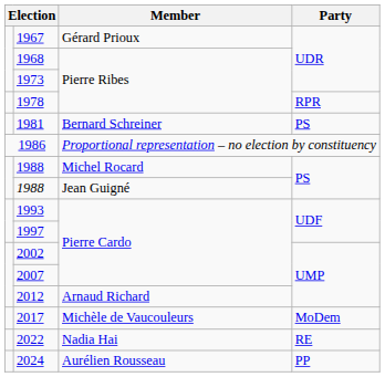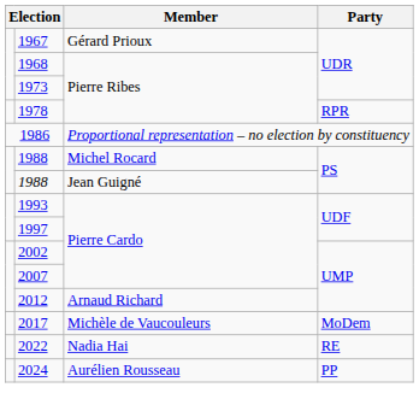 <table class="wikitable">
 <tr>
 <th colspan=2>Election</th>
 <th>Member</th>
 <th>Party</th>
 </tr>
 <tr>
 <td rowspan="3" style="color:inherit;background-color: "></td>
 <td><a href='#'>1967</a></td>
 <td>Gérard Prioux</td>
 <td rowspan="3"><a href='#'>UDR</a></td>
 </tr>
 <tr>
 <td><a href='#'>1968</a></td>
 <td rowspan="3">Pierre Ribes</td>
 </tr>
 <tr>
 <td><a href='#'>1973</a></td>
 </tr>
 <tr>
 <td style="color:inherit;background-color: "></td>
 <td><a href='#'>1978</a></td>
 <td><a href='#'>RPR</a></td>
-</tr>
-<tr>
-<td style="color:inherit;background-color: "></td>
-<td><a href='#'>1981</a></td>
-<td><a href='#'>Bernard Schreiner</a></td>
-<td><a href='#'>PS</a></td>
 </tr>
 <tr>
 <td colspan=2 align="center"><a href='#'>1986</a></td>
 <td colspan=2><em><a href='#'>Proportional representation</a> – no election by constituency</em></td>
 </tr>
 <tr>
 <td rowspan="2" style="color:inherit;background-color: "></td>
 <td><a href='#'>1988</a></td>
 <td><a href='#'>Michel Rocard</a></td>
 <td rowspan="2"><a href='#'>PS</a></td>
 </tr>
 <tr>
 <td><em>1988</em></td>
 <td>Jean Guigné</td>
 </tr>
 <tr>
 <td rowspan="2" style="color:inherit;background-color: "></td>
 <td><a href='#'>1993</a></td>
 <td rowspan="4"><a href='#'>Pierre Cardo</a></td>
 <td rowspan="2"><a href='#'>UDF</a></td>
 </tr>
 <tr>
 <td><a href='#'>1997</a></td>
 </tr>
 <tr>
 <td rowspan="3" style="color:inherit;background-color: "></td>
 <td><a href='#'>2002</a></td>
 <td rowspan="3"><a href='#'>UMP</a></td>
 </tr>
 <tr>
 <td><a href='#'>2007</a></td>
 </tr>
 <tr>
 <td><a href='#'>2012</a></td>
 <td><a href='#'>Arnaud Richard</a></td>
 </tr>
 <tr>
 <td style="color:inherit;background-color: "></td>
 <td><a href='#'>2017</a></td>
 <td><a href='#'>Michèle de Vaucouleurs</a></td>
 <td><a href='#'>MoDem</a></td>
 </tr>
 <tr>
 <td style="color:inherit;background-color: "></td>
 <td><a href='#'>2022</a></td>
 <td><a href='#'>Nadia Hai</a></td>
 <td><a href='#'>RE</a></td>
 </tr>
 <tr>
 <td style="color:inherit;background-color: "></td>
 <td><a href='#'>2024</a></td>
 <td><a href='#'>Aurélien Rousseau</a></td>
 <td><a href='#'>PP</a></td>
 </tr>
 </table>
